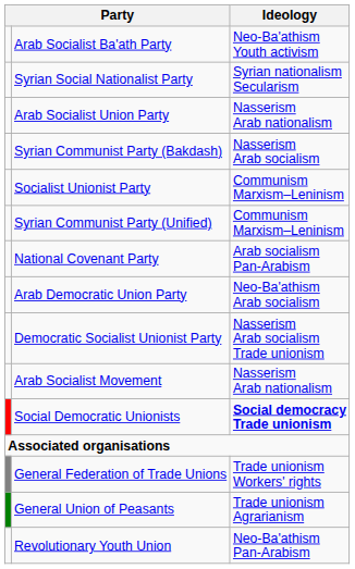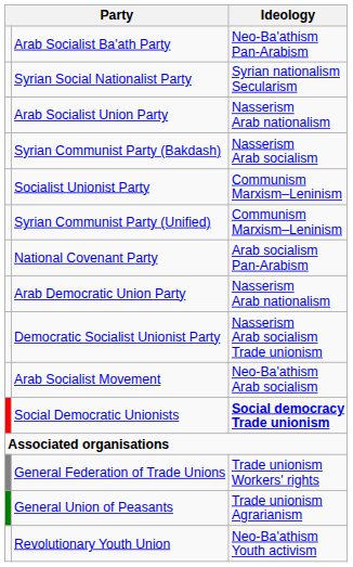 <table class="wikitable sortable" style="font-size:90%">
 <tr>
 <th colspan="2" style="width:200px">Party</th>
 <th>Ideology</th>
 </tr>
 <tr>
 <td style="background:"></td>
 <td><a href='#'>Arab Socialist Ba'ath Party</a></td>
-<td><a href='#'>Neo-Ba'athism</a><br><a href='#'>Youth activism</a></td>
+<td><a href='#'>Neo-Ba'athism</a><br><a href='#'>Pan-Arabism</a></td>
 </tr>
 <tr>
 <td style="background:"></td>
 <td><a href='#'>Syrian Social Nationalist Party</a></td>
 <td><a href='#'>Syrian nationalism</a><br><a href='#'>Secularism</a></td>
 </tr>
 <tr>
 <td style="background:"></td>
 <td><a href='#'>Arab Socialist Union Party</a></td>
 <td><a href='#'>Nasserism</a><br><a href='#'>Arab nationalism</a></td>
 </tr>
 <tr>
 <td style="background:"></td>
 <td><a href='#'>Syrian Communist Party (Bakdash)</a></td>
 <td><a href='#'>Nasserism</a><br><a href='#'>Arab socialism</a></td>
 </tr>
 <tr>
 <td style="background:"></td>
 <td><a href='#'>Socialist Unionist Party</a></td>
 <td><a href='#'>Communism</a><br><a href='#'>Marxism–Leninism</a></td>
 </tr>
 <tr>
 <td style="background:"></td>
 <td><a href='#'>Syrian Communist Party (Unified)</a></td>
 <td><a href='#'>Communism</a><br><a href='#'>Marxism–Leninism</a></td>
 </tr>
 <tr>
 <td style="background:"></td>
 <td><a href='#'>National Covenant Party</a></td>
 <td><a href='#'>Arab socialism</a><br><a href='#'>Pan-Arabism</a></td>
 </tr>
 <tr>
 <td style="background:"></td>
 <td><a href='#'>Arab Democratic Union Party</a></td>
-<td><a href='#'>Neo-Ba'athism</a><br><a href='#'>Arab socialism</a></td>
+<td><a href='#'>Nasserism</a><br><a href='#'>Arab nationalism</a></td>
 </tr>
 <tr>
 <td style="background:"></td>
 <td><a href='#'>Democratic Socialist Unionist Party</a></td>
 <td><a href='#'>Nasserism</a><br><a href='#'>Arab socialism</a><br><a href='#'>Trade unionism</a></td>
 </tr>
 <tr>
 <td style="background:"></td>
 <td><a href='#'>Arab Socialist Movement</a></td>
-<td><a href='#'>Nasserism</a><br><a href='#'>Arab nationalism</a></td>
+<td><a href='#'>Neo-Ba'athism</a><br><a href='#'>Arab socialism</a></td>
 </tr>
 <tr>
 <td style="background:#FF0000"></td>
 <td><a href='#'>Social Democratic Unionists</a></td>
 <td><strong><a href='#'>Social democracy</a><br><a href='#'>Trade unionism</a></strong></td>
 </tr>
 <tr>
 <td colspan="5"><strong>Associated organisations</strong></td>
 </tr>
 <tr>
 <td style="background:#808080;"></td>
 <td><a href='#'>General Federation of Trade Unions</a></td>
 <td><a href='#'>Trade unionism</a><br><a href='#'>Workers' rights</a></td>
 </tr>
 <tr>
 <td style="background:#008000"></td>
 <td><a href='#'>General Union of Peasants</a></td>
 <td><a href='#'>Trade unionism</a><br><a href='#'>Agrarianism</a></td>
 </tr>
 <tr>
 <td style="background:"></td>
 <td><a href='#'>Revolutionary Youth Union</a></td>
-<td><a href='#'>Neo-Ba'athism</a><br><a href='#'>Pan-Arabism</a></td>
+<td><a href='#'>Neo-Ba'athism</a><br><a href='#'>Youth activism</a></td>
 </tr>
 </table>
